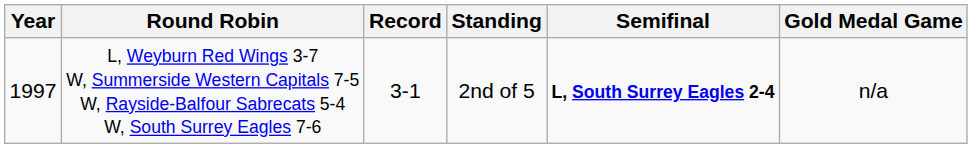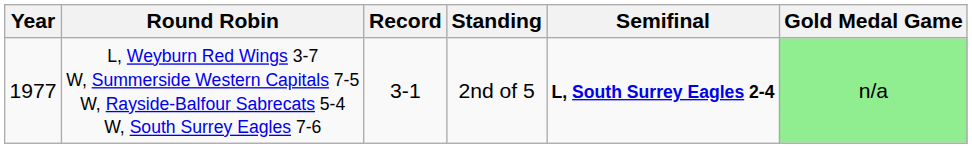 <table class="wikitable" style="text-align:center;">
 <tr>
 <th>Year</th>
 <th>Round Robin</th>
 <th>Record</th>
 <th>Standing</th>
 <th>Semifinal</th>
 <th>Gold Medal Game</th>
 </tr>
 <tr>
-<td>1997</td>
+<td>1977</td>
 <td><small>L, <a href='#'>Weyburn Red Wings</a> 3-7<br>W, <a href='#'>Summerside Western Capitals</a> 7-5<br>W, <a href='#'>Rayside-Balfour Sabrecats</a> 5-4<br>W, <a href='#'>South Surrey Eagles</a> 7-6</small></td>
 <td>3-1</td>
 <td>2nd of 5</td>
 <td><strong><small>L, <a href='#'>South Surrey Eagles</a> 2-4</small></strong></td>
-<td>n/a</td>
+<td style="background: lightgreen;">n/a</td>
 </tr>
 </table>
